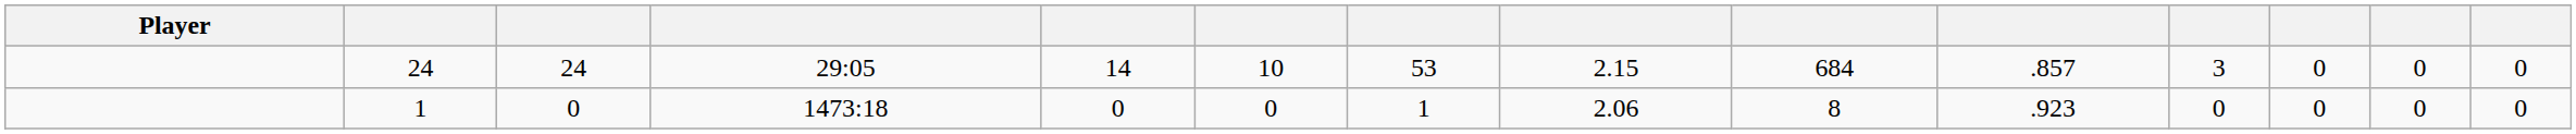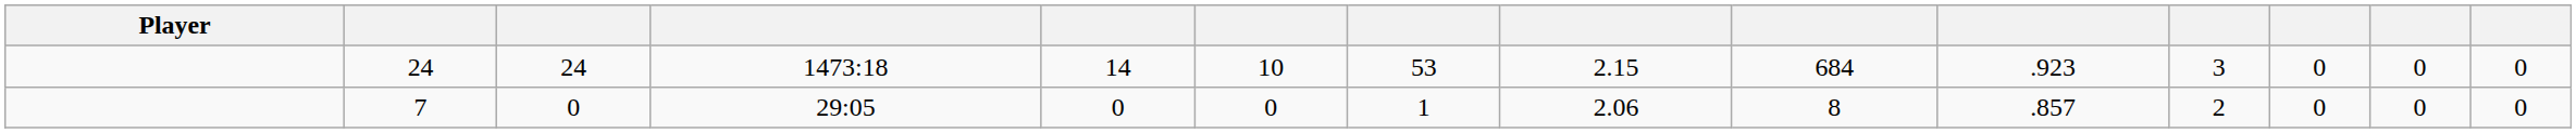 <table class="wikitable sortable" style="width:100%; text-align:center;">
 <tr style="text-align:center; background:#ddd;">
 <th>Player</th>
 <th></th>
 <th></th>
 <th></th>
 <th></th>
 <th></th>
 <th></th>
 <th></th>
 <th></th>
 <th></th>
 <th></th>
 <th></th>
 <th></th>
 <th></th>
 </tr>
 <tr align=center>
 <td></td>
 <td>24</td>
 <td>24</td>
-<td>29:05</td>
+<td>1473:18</td>
 <td>14</td>
 <td>10</td>
 <td>53</td>
 <td>2.15</td>
 <td>684</td>
-<td>.857</td>
+<td>.923</td>
 <td>3</td>
 <td>0</td>
 <td>0</td>
 <td>0</td>
 </tr>
 <tr align=center>
 <td></td>
-<td>1</td>
+<td>7</td>
 <td>0</td>
-<td>1473:18</td>
+<td>29:05</td>
 <td>0</td>
 <td>0</td>
 <td>1</td>
 <td>2.06</td>
 <td>8</td>
-<td>.923</td>
-<td>0</td>
+<td>.857</td>
+<td>2</td>
 <td>0</td>
 <td>0</td>
 <td>0</td>
 </tr>
 </table>
